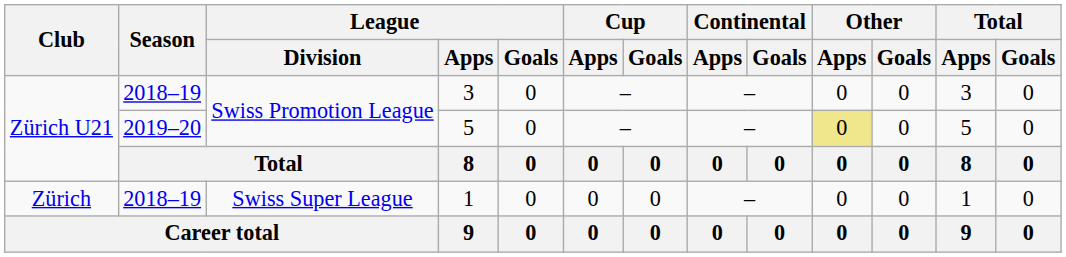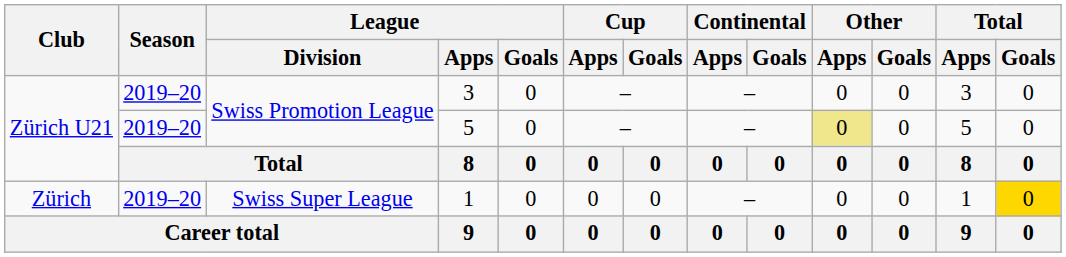 <table class="wikitable" style="text-align: center">
 <tr>
 <th rowspan="2">Club</th>
 <th rowspan="2">Season</th>
 <th colspan="3">League</th>
 <th colspan="2">Cup</th>
 <th colspan="2">Continental</th>
 <th colspan="2">Other</th>
 <th colspan="2">Total</th>
 </tr>
 <tr>
 <th>Division</th>
 <th>Apps</th>
 <th>Goals</th>
 <th>Apps</th>
 <th>Goals</th>
 <th>Apps</th>
 <th>Goals</th>
 <th>Apps</th>
 <th>Goals</th>
 <th>Apps</th>
 <th>Goals</th>
 </tr>
 <tr>
 <td rowspan="3"><a href='#'>Zürich U21</a></td>
-<td><a href='#'>2018–19</a></td>
+<td><a href='#'>2019–20</a></td>
 <td rowspan="2"><a href='#'>Swiss Promotion League</a></td>
 <td>3</td>
 <td>0</td>
 <td colspan="2">–</td>
 <td colspan="2">–</td>
 <td>0</td>
 <td>0</td>
 <td>3</td>
 <td>0</td>
 </tr>
 <tr>
 <td><a href='#'>2019–20</a></td>
 <td>5</td>
 <td>0</td>
 <td colspan="2">–</td>
 <td colspan="2">–</td>
 <td style="background: khaki;">0</td>
 <td>0</td>
 <td>5</td>
 <td>0</td>
 </tr>
 <tr>
 <th colspan="2">Total</th>
 <th>8</th>
 <th>0</th>
 <th>0</th>
 <th>0</th>
 <th>0</th>
 <th>0</th>
 <th>0</th>
 <th>0</th>
 <th>8</th>
 <th>0</th>
 </tr>
 <tr>
 <td><a href='#'>Zürich</a></td>
-<td><a href='#'>2018–19</a></td>
+<td><a href='#'>2019–20</a></td>
 <td><a href='#'>Swiss Super League</a></td>
 <td>1</td>
 <td>0</td>
 <td>0</td>
 <td>0</td>
 <td colspan="2">–</td>
 <td>0</td>
 <td>0</td>
 <td>1</td>
-<td>0</td>
+<td style="background: gold;">0</td>
 </tr>
 <tr>
 <th colspan="3">Career total</th>
 <th>9</th>
 <th>0</th>
 <th>0</th>
 <th>0</th>
 <th>0</th>
 <th>0</th>
 <th>0</th>
 <th>0</th>
 <th>9</th>
 <th>0</th>
 </tr>
 </table>
